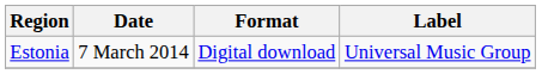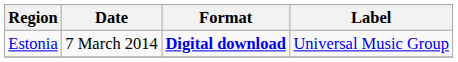 <table class=wikitable>
 <tr>
 <th>Region</th>
 <th>Date</th>
 <th>Format</th>
 <th>Label</th>
 </tr>
 <tr>
 <td><a href='#'>Estonia</a></td>
 <td>7 March 2014</td>
-<td><a href='#'>Digital download</a></td>
+<td><strong><a href='#'>Digital download</a></strong></td>
 <td><a href='#'>Universal Music Group</a></td>
 </tr>
 <tr>
 </tr>
 </table>
